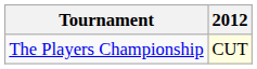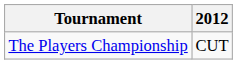 <table class="wikitable" style="font-size:95%;text-align:center;">
 <tr>
 <th>Tournament</th>
 <th>2012</th>
 </tr>
 <tr>
 <td align=left><a href='#'>The Players Championship</a></td>
-<td style="background: lightyellow;">CUT</td>
+<td>CUT</td>
 </tr>
 </table>
